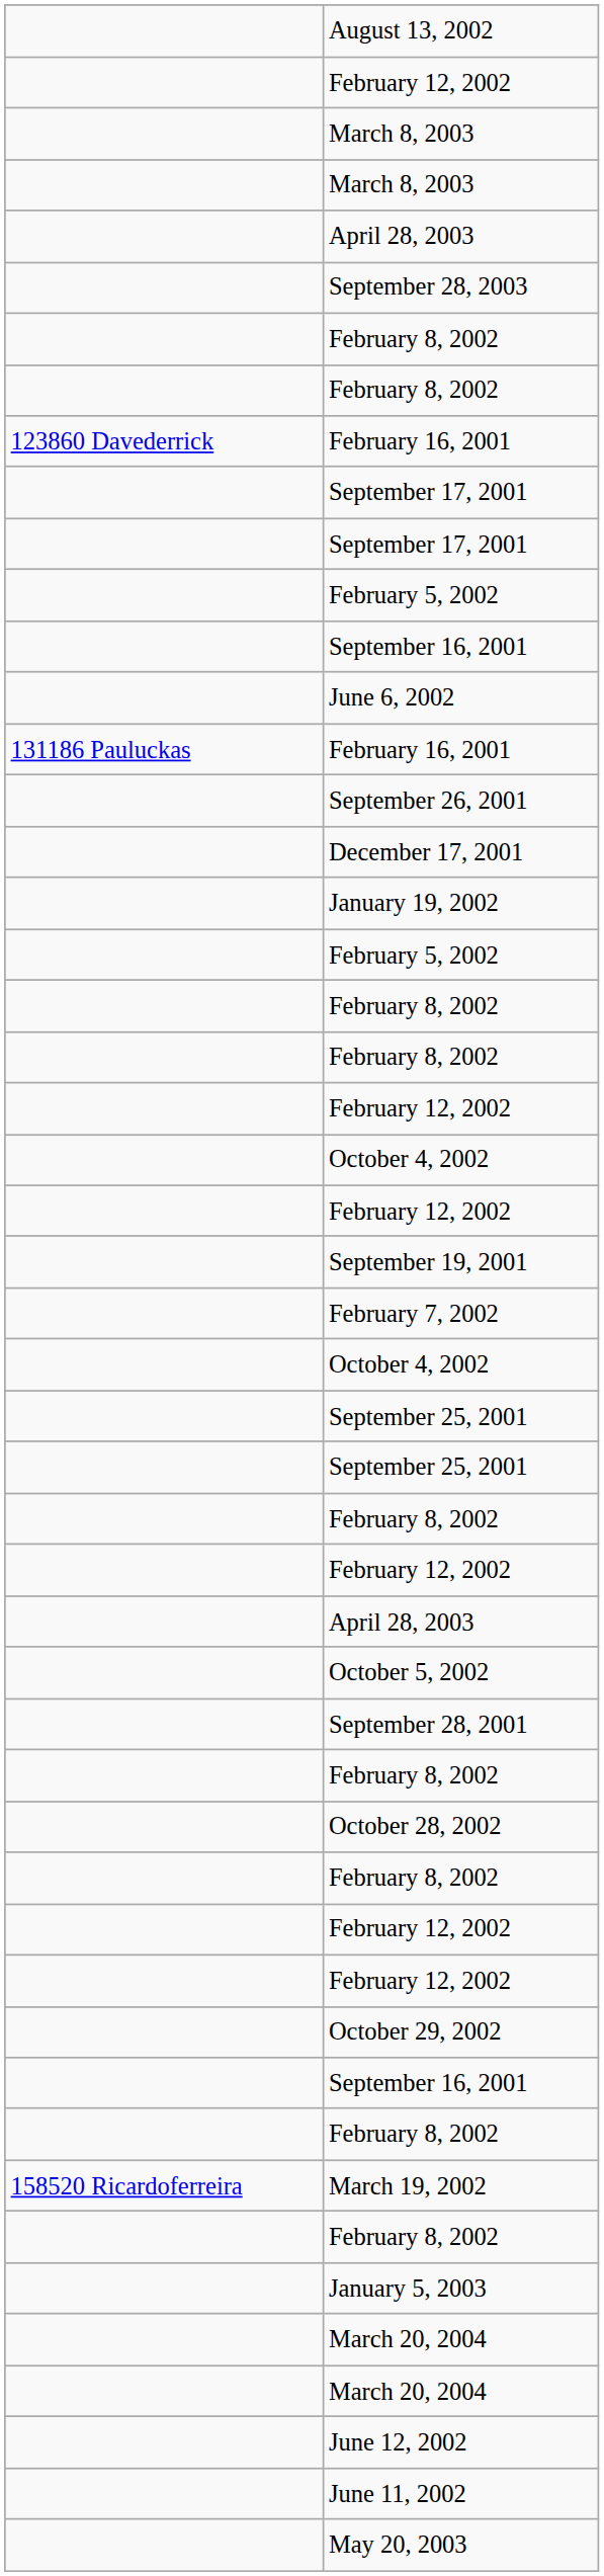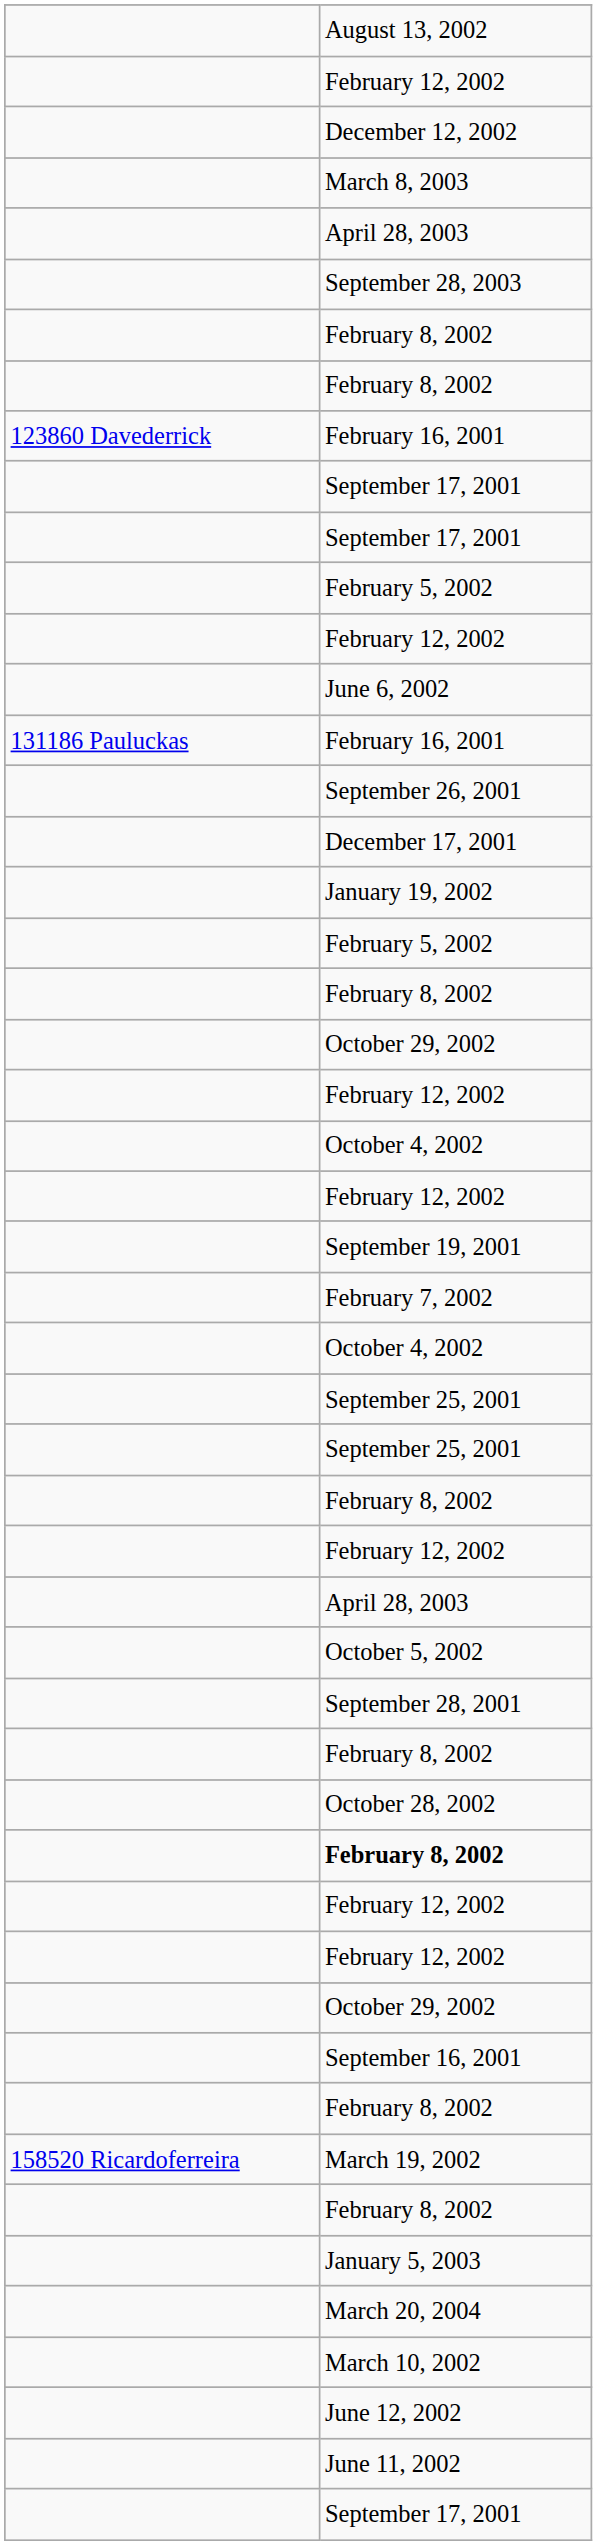 <table class="wikitable" style="font-size: 89%; float: left; width: 24em; margin-right: 1em; line-height: 1.6em !important;  height: 1250px;">
 <tr>
 <td></td>
 <td>August 13, 2002</td>
 </tr>
 <tr>
 <td></td>
 <td>February 12, 2002</td>
 </tr>
 <tr>
 <td></td>
-<td>March 8, 2003</td>
+<td>December 12, 2002</td>
 </tr>
 <tr>
 <td></td>
 <td>March 8, 2003</td>
 </tr>
 <tr>
 <td></td>
 <td>April 28, 2003</td>
 </tr>
 <tr>
 <td></td>
 <td>September 28, 2003</td>
 </tr>
 <tr>
 <td></td>
 <td>February 8, 2002</td>
 </tr>
 <tr>
 <td></td>
 <td>February 8, 2002</td>
 </tr>
 <tr>
 <td><a href='#'>123860 Davederrick</a></td>
 <td>February 16, 2001</td>
 </tr>
 <tr>
 <td></td>
 <td>September 17, 2001</td>
 </tr>
 <tr>
 <td></td>
 <td>September 17, 2001</td>
 </tr>
 <tr>
 <td></td>
 <td>February 5, 2002</td>
 </tr>
 <tr>
 <td></td>
-<td>September 16, 2001</td>
+<td>February 12, 2002</td>
 </tr>
 <tr>
 <td></td>
 <td>June 6, 2002</td>
 </tr>
 <tr>
 <td><a href='#'>131186 Pauluckas</a></td>
 <td>February 16, 2001</td>
 </tr>
 <tr>
 <td></td>
 <td>September 26, 2001</td>
 </tr>
 <tr>
 <td></td>
 <td>December 17, 2001</td>
 </tr>
 <tr>
 <td></td>
 <td>January 19, 2002</td>
 </tr>
 <tr>
 <td></td>
 <td>February 5, 2002</td>
 </tr>
 <tr>
 <td></td>
 <td>February 8, 2002</td>
 </tr>
 <tr>
 <td></td>
-<td>February 8, 2002</td>
+<td>October 29, 2002</td>
 </tr>
 <tr>
 <td></td>
 <td>February 12, 2002</td>
 </tr>
 <tr>
 <td></td>
 <td>October 4, 2002</td>
 </tr>
 <tr>
 <td></td>
 <td>February 12, 2002</td>
 </tr>
 <tr>
 <td></td>
 <td>September 19, 2001</td>
 </tr>
 <tr>
 <td></td>
 <td>February 7, 2002</td>
 </tr>
 <tr>
 <td></td>
 <td>October 4, 2002</td>
 </tr>
 <tr>
 <td></td>
 <td>September 25, 2001</td>
 </tr>
 <tr>
 <td></td>
 <td>September 25, 2001</td>
 </tr>
 <tr>
 <td></td>
 <td>February 8, 2002</td>
 </tr>
 <tr>
 <td></td>
 <td>February 12, 2002</td>
 </tr>
 <tr>
 <td></td>
 <td>April 28, 2003</td>
 </tr>
 <tr>
 <td></td>
 <td>October 5, 2002</td>
 </tr>
 <tr>
 <td></td>
 <td>September 28, 2001</td>
 </tr>
 <tr>
 <td></td>
 <td>February 8, 2002</td>
 </tr>
 <tr>
 <td></td>
 <td>October 28, 2002</td>
 </tr>
 <tr>
 <td></td>
-<td>February 8, 2002</td>
+<td><strong>February 8, 2002</strong></td>
 </tr>
 <tr>
 <td></td>
 <td>February 12, 2002</td>
 </tr>
 <tr>
 <td></td>
 <td>February 12, 2002</td>
 </tr>
 <tr>
 <td></td>
 <td>October 29, 2002</td>
 </tr>
 <tr>
 <td></td>
 <td>September 16, 2001</td>
 </tr>
 <tr>
 <td></td>
 <td>February 8, 2002</td>
 </tr>
 <tr>
 <td><a href='#'>158520 Ricardoferreira</a></td>
 <td>March 19, 2002</td>
 </tr>
 <tr>
 <td></td>
 <td>February 8, 2002</td>
 </tr>
 <tr>
 <td></td>
 <td>January 5, 2003</td>
 </tr>
 <tr>
 <td></td>
 <td>March 20, 2004</td>
 </tr>
 <tr>
 <td></td>
-<td>March 20, 2004</td>
+<td>March 10, 2002</td>
 </tr>
 <tr>
 <td></td>
 <td>June 12, 2002</td>
 </tr>
 <tr>
 <td></td>
 <td>June 11, 2002</td>
 </tr>
 <tr>
 <td></td>
-<td>May 20, 2003</td>
+<td>September 17, 2001</td>
 </tr>
 </table>
